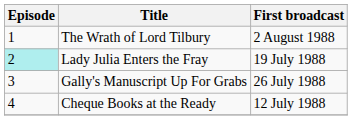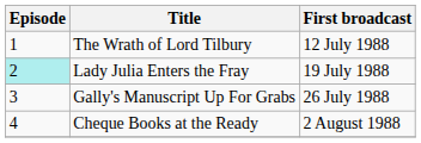 <table class="wikitable">
 <tr>
 <th>Episode</th>
 <th>Title</th>
 <th>First broadcast</th>
 </tr>
 <tr>
 <td>1</td>
 <td>The Wrath of Lord Tilbury</td>
-<td>2 August 1988</td>
+<td>12 July 1988</td>
 </tr>
 <tr>
 <td style="background: paleturquoise;">2</td>
 <td>Lady Julia Enters the Fray</td>
 <td>19 July 1988</td>
 </tr>
 <tr>
 <td>3</td>
 <td>Gally's Manuscript Up For Grabs</td>
 <td>26 July 1988</td>
 </tr>
 <tr>
 <td>4</td>
 <td>Cheque Books at the Ready</td>
-<td>12 July 1988</td>
+<td>2 August 1988</td>
 </tr>
 <tr>
 </tr>
 </table>
